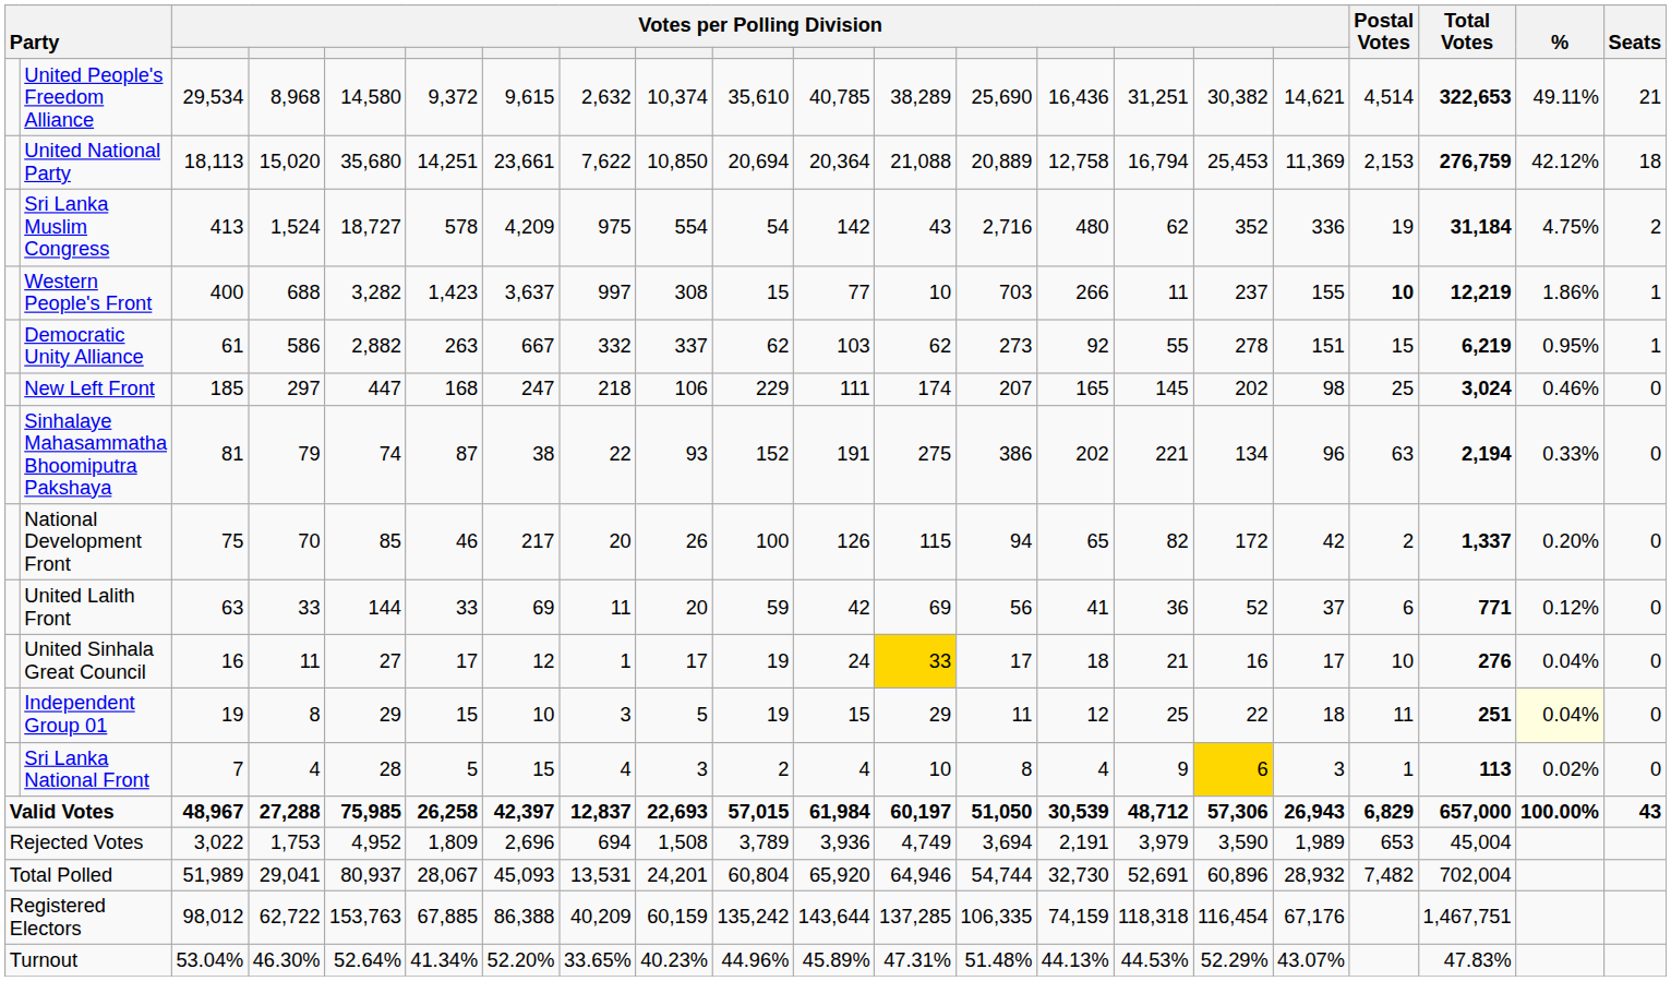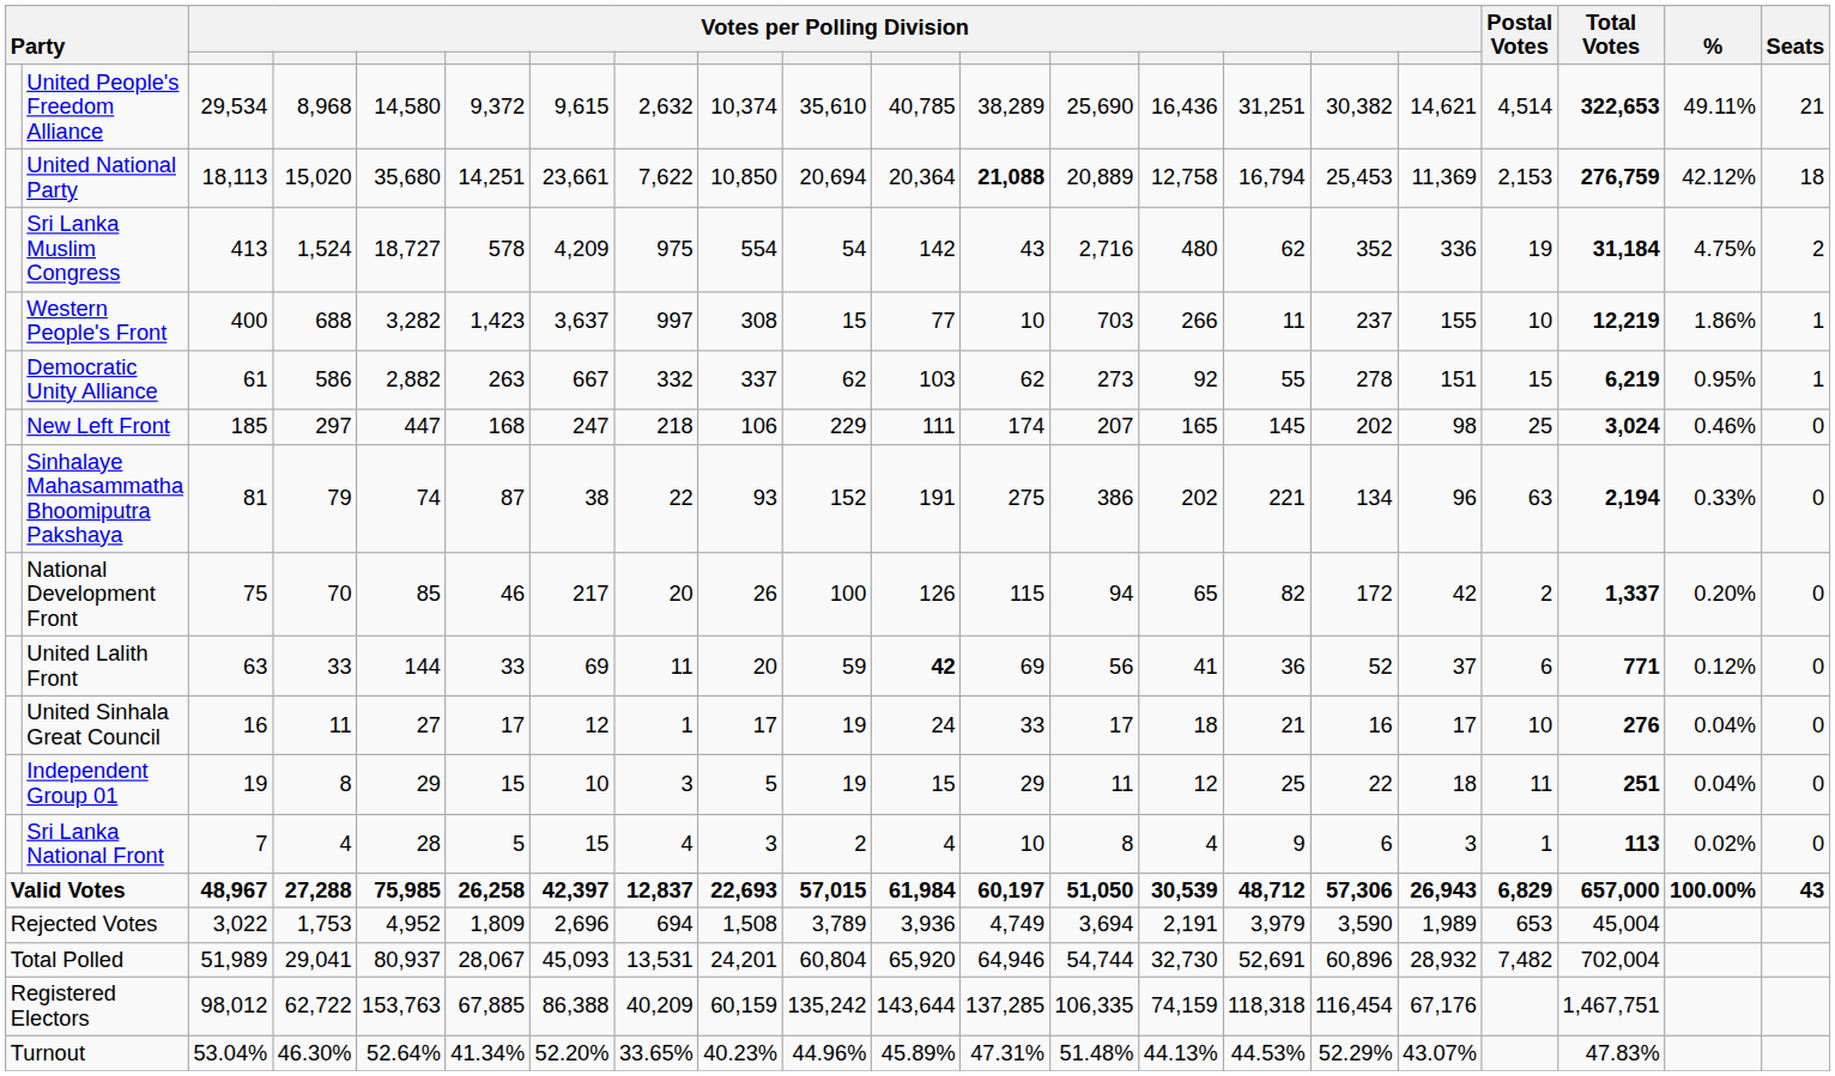 <table class="wikitable" style="text-align:right;">
 <tr>
 <th style="text-align:left; vertical-align:bottom;" rowspan="2" colspan="2">Party</th>
 <th colspan=15>Votes per Polling Division</th>
 <th rowspan="2" style="vertical-align:bottom; text-align:center; width:50px;">Postal<br>Votes</th>
 <th rowspan="2" style="vertical-align:bottom; text-align:center; width:50px;">Total Votes</th>
 <th rowspan="2" style="vertical-align:bottom; text-align:center; width:50px;">%</th>
 <th rowspan="2" style="vertical-align:bottom; text-align:center; width:40px;">Seats</th>
 </tr>
 <tr>
 <th></th>
 <th></th>
 <th></th>
 <th></th>
 <th></th>
 <th></th>
 <th></th>
 <th></th>
 <th></th>
 <th></th>
 <th></th>
 <th></th>
 <th></th>
 <th></th>
 <th></th>
 </tr>
 <tr>
 <td bgcolor=> </td>
 <td align=left><a href='#'>United People's Freedom Alliance</a></td>
 <td>29,534</td>
 <td>8,968</td>
 <td>14,580</td>
 <td>9,372</td>
 <td>9,615</td>
 <td>2,632</td>
 <td>10,374</td>
 <td>35,610</td>
 <td>40,785</td>
 <td>38,289</td>
 <td>25,690</td>
 <td>16,436</td>
 <td>31,251</td>
 <td>30,382</td>
 <td>14,621</td>
 <td>4,514</td>
 <td><strong>322,653</strong></td>
 <td>49.11%</td>
 <td>21</td>
 </tr>
 <tr>
 <td bgcolor=> </td>
 <td align=left><a href='#'>United National Party</a></td>
 <td>18,113</td>
 <td>15,020</td>
 <td>35,680</td>
 <td>14,251</td>
 <td>23,661</td>
 <td>7,622</td>
 <td>10,850</td>
 <td>20,694</td>
 <td>20,364</td>
-<td>21,088</td>
+<td><strong>21,088</strong></td>
 <td>20,889</td>
 <td>12,758</td>
 <td>16,794</td>
 <td>25,453</td>
 <td>11,369</td>
 <td>2,153</td>
 <td><strong>276,759</strong></td>
 <td>42.12%</td>
 <td>18</td>
 </tr>
 <tr>
 <td bgcolor=> </td>
 <td align=left><a href='#'>Sri Lanka Muslim Congress</a></td>
 <td>413</td>
 <td>1,524</td>
 <td>18,727</td>
 <td>578</td>
 <td>4,209</td>
 <td>975</td>
 <td>554</td>
 <td>54</td>
 <td>142</td>
 <td>43</td>
 <td>2,716</td>
 <td>480</td>
 <td>62</td>
 <td>352</td>
 <td>336</td>
 <td>19</td>
 <td><strong>31,184</strong></td>
 <td>4.75%</td>
 <td>2</td>
 </tr>
 <tr>
 <td bgcolor=> </td>
 <td align=left><a href='#'>Western People's Front</a></td>
 <td>400</td>
 <td>688</td>
 <td>3,282</td>
 <td>1,423</td>
 <td>3,637</td>
 <td>997</td>
 <td>308</td>
 <td>15</td>
 <td>77</td>
 <td>10</td>
 <td>703</td>
 <td>266</td>
 <td>11</td>
 <td>237</td>
 <td>155</td>
-<td><strong>10</strong></td>
+<td>10</td>
 <td><strong>12,219</strong></td>
 <td>1.86%</td>
 <td>1</td>
 </tr>
 <tr>
 <td bgcolor=> </td>
 <td align=left><a href='#'>Democratic Unity Alliance</a></td>
 <td>61</td>
 <td>586</td>
 <td>2,882</td>
 <td>263</td>
 <td>667</td>
 <td>332</td>
 <td>337</td>
 <td>62</td>
 <td>103</td>
 <td>62</td>
 <td>273</td>
 <td>92</td>
 <td>55</td>
 <td>278</td>
 <td>151</td>
 <td>15</td>
 <td><strong>6,219</strong></td>
 <td>0.95%</td>
 <td>1</td>
 </tr>
 <tr>
 <td bgcolor=> </td>
 <td align=left><a href='#'>New Left Front</a></td>
 <td>185</td>
 <td>297</td>
 <td>447</td>
 <td>168</td>
 <td>247</td>
 <td>218</td>
 <td>106</td>
 <td>229</td>
 <td>111</td>
 <td>174</td>
 <td>207</td>
 <td>165</td>
 <td>145</td>
 <td>202</td>
 <td>98</td>
 <td>25</td>
 <td><strong>3,024</strong></td>
 <td>0.46%</td>
 <td>0</td>
 </tr>
 <tr>
 <td bgcolor=> </td>
 <td align=left><a href='#'>Sinhalaye Mahasammatha Bhoomiputra Pakshaya</a></td>
 <td>81</td>
 <td>79</td>
 <td>74</td>
 <td>87</td>
 <td>38</td>
 <td>22</td>
 <td>93</td>
 <td>152</td>
 <td>191</td>
 <td>275</td>
 <td>386</td>
 <td>202</td>
 <td>221</td>
 <td>134</td>
 <td>96</td>
 <td>63</td>
 <td><strong>2,194</strong></td>
 <td>0.33%</td>
 <td>0</td>
 </tr>
 <tr>
 <td bgcolor=> </td>
 <td align=left>National Development Front</td>
 <td>75</td>
 <td>70</td>
 <td>85</td>
 <td>46</td>
 <td>217</td>
 <td>20</td>
 <td>26</td>
 <td>100</td>
 <td>126</td>
 <td>115</td>
 <td>94</td>
 <td>65</td>
 <td>82</td>
 <td>172</td>
 <td>42</td>
 <td>2</td>
 <td><strong>1,337</strong></td>
 <td>0.20%</td>
 <td>0</td>
 </tr>
 <tr>
 <td bgcolor=> </td>
 <td align=left>United Lalith Front</td>
 <td>63</td>
 <td>33</td>
 <td>144</td>
 <td>33</td>
 <td>69</td>
 <td>11</td>
 <td>20</td>
 <td>59</td>
-<td>42</td>
+<td><strong>42</strong></td>
 <td>69</td>
 <td>56</td>
 <td>41</td>
 <td>36</td>
 <td>52</td>
 <td>37</td>
 <td>6</td>
 <td><strong>771</strong></td>
 <td>0.12%</td>
 <td>0</td>
 </tr>
 <tr>
 <td bgcolor=> </td>
 <td align=left>United Sinhala Great Council</td>
 <td>16</td>
 <td>11</td>
 <td>27</td>
 <td>17</td>
 <td>12</td>
 <td>1</td>
 <td>17</td>
 <td>19</td>
 <td>24</td>
-<td style="background: gold;">33</td>
+<td>33</td>
 <td>17</td>
 <td>18</td>
 <td>21</td>
 <td>16</td>
 <td>17</td>
 <td>10</td>
 <td><strong>276</strong></td>
 <td>0.04%</td>
 <td>0</td>
 </tr>
 <tr>
 <td bgcolor=> </td>
 <td align=left><a href='#'>Independent Group 01</a></td>
 <td>19</td>
 <td>8</td>
 <td>29</td>
 <td>15</td>
 <td>10</td>
 <td>3</td>
 <td>5</td>
 <td>19</td>
 <td>15</td>
 <td>29</td>
 <td>11</td>
 <td>12</td>
 <td>25</td>
 <td>22</td>
 <td>18</td>
 <td>11</td>
 <td><strong>251</strong></td>
-<td style="background: lightyellow;">0.04%</td>
+<td>0.04%</td>
 <td>0</td>
 </tr>
 <tr>
 <td bgcolor=> </td>
 <td align=left><a href='#'>Sri Lanka National Front</a></td>
 <td>7</td>
 <td>4</td>
 <td>28</td>
 <td>5</td>
 <td>15</td>
 <td>4</td>
 <td>3</td>
 <td>2</td>
 <td>4</td>
 <td>10</td>
 <td>8</td>
 <td>4</td>
 <td>9</td>
-<td style="background: gold;">6</td>
+<td>6</td>
 <td>3</td>
 <td>1</td>
 <td><strong>113</strong></td>
 <td>0.02%</td>
 <td>0</td>
 </tr>
 <tr style="font-weight:bold">
 <td style="text-align:left;" colspan="2">Valid Votes</td>
 <td>48,967</td>
 <td>27,288</td>
 <td>75,985</td>
 <td>26,258</td>
 <td>42,397</td>
 <td>12,837</td>
 <td>22,693</td>
 <td>57,015</td>
 <td>61,984</td>
 <td>60,197</td>
 <td>51,050</td>
 <td>30,539</td>
 <td>48,712</td>
 <td>57,306</td>
 <td>26,943</td>
 <td>6,829</td>
 <td>657,000</td>
 <td>100.00%</td>
 <td>43</td>
 </tr>
 <tr>
 <td style="text-align:left;" colspan="2">Rejected Votes</td>
 <td>3,022</td>
 <td>1,753</td>
 <td>4,952</td>
 <td>1,809</td>
 <td>2,696</td>
 <td>694</td>
 <td>1,508</td>
 <td>3,789</td>
 <td>3,936</td>
 <td>4,749</td>
 <td>3,694</td>
 <td>2,191</td>
 <td>3,979</td>
 <td>3,590</td>
 <td>1,989</td>
 <td>653</td>
 <td>45,004</td>
 <td></td>
 <td></td>
 </tr>
 <tr>
 <td style="text-align:left;" colspan="2">Total Polled</td>
 <td>51,989</td>
 <td>29,041</td>
 <td>80,937</td>
 <td>28,067</td>
 <td>45,093</td>
 <td>13,531</td>
 <td>24,201</td>
 <td>60,804</td>
 <td>65,920</td>
 <td>64,946</td>
 <td>54,744</td>
 <td>32,730</td>
 <td>52,691</td>
 <td>60,896</td>
 <td>28,932</td>
 <td>7,482</td>
 <td>702,004</td>
 <td></td>
 <td></td>
 </tr>
 <tr>
 <td style="text-align:left;" colspan="2">Registered Electors</td>
 <td>98,012</td>
 <td>62,722</td>
 <td>153,763</td>
 <td>67,885</td>
 <td>86,388</td>
 <td>40,209</td>
 <td>60,159</td>
 <td>135,242</td>
 <td>143,644</td>
 <td>137,285</td>
 <td>106,335</td>
 <td>74,159</td>
 <td>118,318</td>
 <td>116,454</td>
 <td>67,176</td>
 <td></td>
 <td>1,467,751</td>
 <td></td>
 <td></td>
 </tr>
 <tr>
 <td style="text-align:left;" colspan="2">Turnout</td>
 <td>53.04%</td>
 <td>46.30%</td>
 <td>52.64%</td>
 <td>41.34%</td>
 <td>52.20%</td>
 <td>33.65%</td>
 <td>40.23%</td>
 <td>44.96%</td>
 <td>45.89%</td>
 <td>47.31%</td>
 <td>51.48%</td>
 <td>44.13%</td>
 <td>44.53%</td>
 <td>52.29%</td>
 <td>43.07%</td>
 <td></td>
 <td>47.83%</td>
 <td></td>
 <td></td>
 </tr>
 </table>
